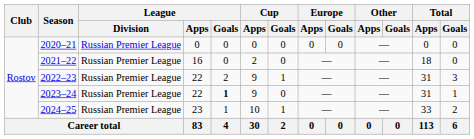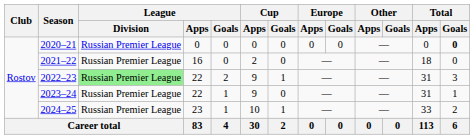 <table class="wikitable" style="text-align: center;">
 <tr>
 <th rowspan="2">Club</th>
 <th rowspan="2">Season</th>
 <th colspan="3">League</th>
 <th colspan="2">Cup</th>
 <th colspan="2">Europe</th>
 <th colspan="2">Other</th>
 <th colspan="2">Total</th>
 </tr>
 <tr>
 <th>Division</th>
 <th>Apps</th>
 <th>Goals</th>
 <th>Apps</th>
 <th>Goals</th>
 <th>Apps</th>
 <th>Goals</th>
 <th>Apps</th>
 <th>Goals</th>
 <th>Apps</th>
 <th>Goals</th>
 </tr>
 <tr>
 <td rowspan="5"><a href='#'>Rostov</a></td>
 <td><a href='#'>2020–21</a></td>
 <td><a href='#'>Russian Premier League</a></td>
 <td>0</td>
 <td>0</td>
 <td>0</td>
 <td>0</td>
 <td>0</td>
 <td>0</td>
 <td colspan="2">—</td>
 <td>0</td>
-<td>0</td>
+<td><strong>0</strong></td>
 </tr>
 <tr>
 <td><a href='#'>2021–22</a></td>
 <td>Russian Premier League</td>
 <td>16</td>
 <td>0</td>
 <td>2</td>
 <td>0</td>
 <td colspan="2">—</td>
 <td colspan="2">—</td>
 <td>18</td>
 <td>0</td>
 </tr>
 <tr>
 <td><a href='#'>2022–23</a></td>
-<td>Russian Premier League</td>
+<td style="background: lightgreen;">Russian Premier League</td>
 <td>22</td>
 <td>2</td>
 <td>9</td>
 <td>1</td>
 <td colspan="2">—</td>
 <td colspan="2">—</td>
 <td>31</td>
 <td>3</td>
 </tr>
 <tr>
 <td><a href='#'>2023–24</a></td>
 <td>Russian Premier League</td>
 <td>22</td>
-<td><strong>1</strong></td>
+<td>1</td>
 <td>9</td>
 <td>0</td>
 <td colspan="2">—</td>
 <td colspan="2">—</td>
 <td>31</td>
 <td>1</td>
 </tr>
 <tr>
 <td><a href='#'>2024–25</a></td>
 <td>Russian Premier League</td>
 <td>23</td>
 <td>1</td>
 <td>10</td>
 <td>1</td>
 <td colspan="2">—</td>
 <td colspan="2">—</td>
 <td>33</td>
 <td>2</td>
 </tr>
 <tr>
 <th colspan="3">Career total</th>
 <th>83</th>
 <th>4</th>
 <th>30</th>
 <th>2</th>
 <th>0</th>
 <th>0</th>
 <th>0</th>
 <th>0</th>
 <th>113</th>
 <th>6</th>
 </tr>
 </table>
